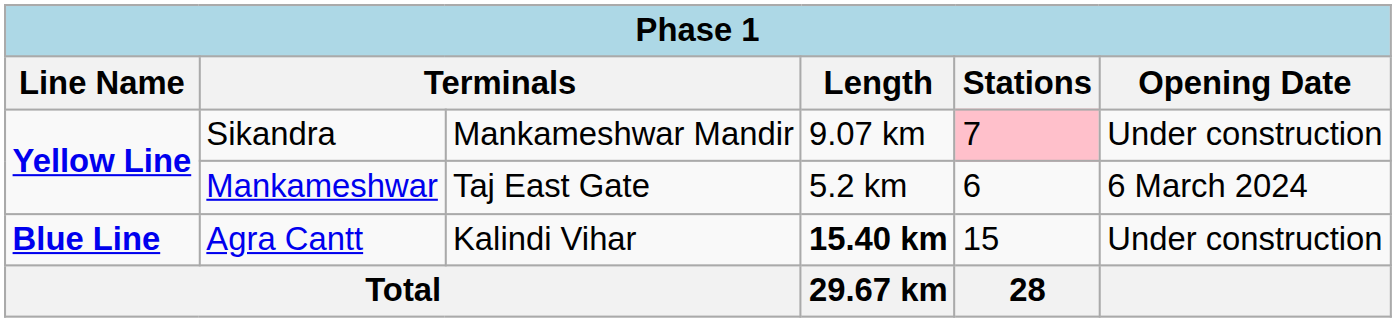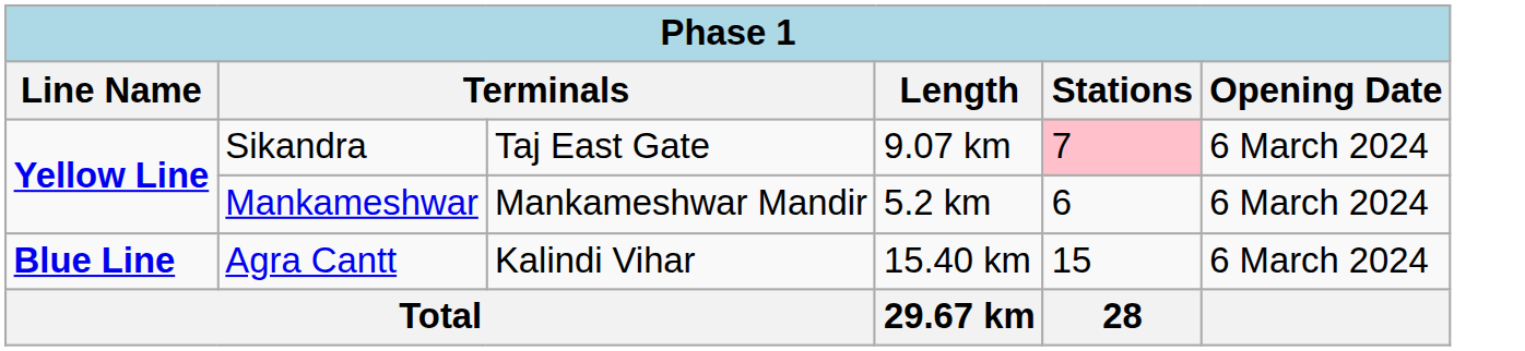 <table class="wikitable sortable">
 <tr>
 <th colspan="8" style="background:#ADD8E6;">Phase 1</th>
 </tr>
 <tr>
 <th>Line Name</th>
 <th colspan="2">Terminals</th>
 <th>Length</th>
 <th>Stations</th>
 <th>Opening Date</th>
 </tr>
 <tr>
 <td rowspan="2" style="background:#"><strong><a href='#'><span>Yellow Line</span></a></strong></td>
 <td>Sikandra</td>
-<td>Mankameshwar Mandir</td>
+<td>Taj East Gate</td>
 <td>9.07 km</td>
 <td style="background: pink;">7</td>
-<td>Under construction</td>
+<td>6 March 2024</td>
 </tr>
 <tr>
 <td><a href='#'>Mankameshwar</a></td>
-<td>Taj East Gate</td>
+<td>Mankameshwar Mandir</td>
 <td>5.2 km</td>
 <td>6</td>
 <td>6 March 2024</td>
 </tr>
 <tr>
 <td style="background:#"><strong><a href='#'><span>Blue Line</span></a></strong></td>
 <td><a href='#'>Agra Cantt</a></td>
 <td>Kalindi Vihar</td>
-<td><strong>15.40 km</strong></td>
+<td>15.40 km</td>
 <td>15</td>
-<td>Under construction</td>
+<td>6 March 2024</td>
 </tr>
 <tr>
 <th colspan="3"><strong>Total</strong></th>
 <th>29.67 km</th>
 <th>28</th>
 <th colspan="2"></th>
 </tr>
 </table>
